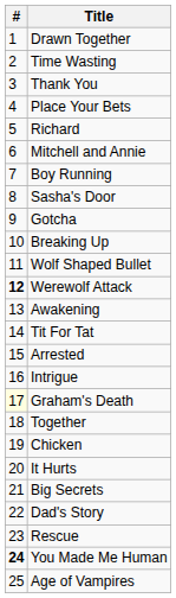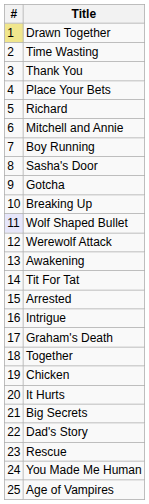 <table class="wikitable" style="float:left">
 <tr>
 <th>#</th>
 <th>Title</th>
 </tr>
 <tr>
-<td>1</td>
+<td style="background: khaki;">1</td>
 <td>Drawn Together</td>
 </tr>
 <tr>
 <td>2</td>
 <td>Time Wasting</td>
 </tr>
 <tr>
 <td>3</td>
 <td>Thank You</td>
 </tr>
 <tr>
 <td>4</td>
 <td>Place Your Bets</td>
 </tr>
 <tr>
 <td>5</td>
 <td>Richard</td>
 </tr>
 <tr>
 <td>6</td>
 <td>Mitchell and Annie</td>
 </tr>
 <tr>
 <td>7</td>
 <td>Boy Running</td>
 </tr>
 <tr>
 <td>8</td>
 <td>Sasha's Door</td>
 </tr>
 <tr>
 <td>9</td>
 <td>Gotcha</td>
 </tr>
 <tr>
 <td>10</td>
 <td>Breaking Up</td>
 </tr>
 <tr>
-<td>11</td>
+<td style="background: lavender;">11</td>
 <td>Wolf Shaped Bullet</td>
 </tr>
 <tr>
-<td><strong>12</strong></td>
+<td>12</td>
 <td>Werewolf Attack</td>
 </tr>
 <tr>
 <td>13</td>
 <td>Awakening</td>
 </tr>
 <tr>
 <td>14</td>
 <td>Tit For Tat</td>
 </tr>
 <tr>
 <td>15</td>
 <td>Arrested</td>
 </tr>
 <tr>
 <td>16</td>
 <td>Intrigue</td>
 </tr>
 <tr>
-<td style="background: lightyellow;">17</td>
+<td>17</td>
 <td>Graham's Death</td>
 </tr>
 <tr>
 <td>18</td>
 <td>Together</td>
 </tr>
 <tr>
 <td>19</td>
 <td>Chicken</td>
 </tr>
 <tr>
 <td>20</td>
 <td>It Hurts</td>
 </tr>
 <tr>
 <td>21</td>
 <td>Big Secrets</td>
 </tr>
 <tr>
 <td>22</td>
 <td>Dad's Story</td>
 </tr>
 <tr>
 <td>23</td>
 <td>Rescue</td>
 </tr>
 <tr>
-<td><strong>24</strong></td>
+<td>24</td>
 <td>You Made Me Human</td>
 </tr>
 <tr>
 <td>25</td>
 <td>Age of Vampires</td>
 </tr>
 </table>
